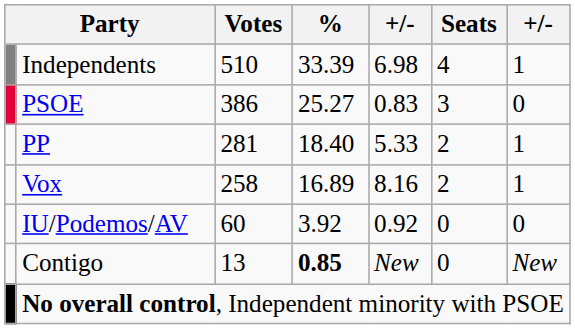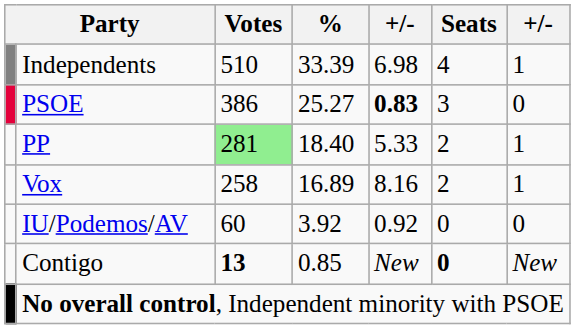 <table class="wikitable">
 <tr>
 <th colspan="2">Party</th>
 <th>Votes</th>
 <th>%</th>
 <th>+/-</th>
 <th>Seats</th>
 <th>+/-</th>
 </tr>
 <tr>
 <td bgcolor="grey"></td>
 <td>Independents</td>
 <td>510</td>
 <td>33.39</td>
 <td> 6.98</td>
 <td>4</td>
 <td> 1</td>
 </tr>
 <tr>
 <td bgcolor="#E4003B"></td>
 <td><a href='#'>PSOE</a></td>
 <td>386</td>
 <td>25.27</td>
-<td> 0.83</td>
+<td><strong> 0.83</strong></td>
 <td>3</td>
 <td> 0</td>
 </tr>
 <tr>
 <td></td>
 <td><a href='#'>PP</a></td>
-<td>281</td>
+<td style="background: lightgreen;">281</td>
 <td>18.40</td>
 <td> 5.33</td>
 <td>2</td>
 <td> 1</td>
 </tr>
 <tr>
 <td></td>
 <td><a href='#'>Vox</a></td>
 <td>258</td>
 <td>16.89</td>
 <td> 8.16</td>
 <td>2</td>
 <td> 1</td>
 </tr>
 <tr>
 <td></td>
 <td><a href='#'>IU</a>/<a href='#'>Podemos</a>/<a href='#'>AV</a></td>
 <td>60</td>
 <td>3.92</td>
 <td> 0.92</td>
 <td>0</td>
 <td> 0</td>
 </tr>
 <tr>
 <td></td>
 <td>Contigo</td>
-<td>13</td>
-<td><strong>0.85</strong></td>
+<td><strong>13</strong></td>
+<td>0.85</td>
 <td><em>New</em></td>
-<td>0</td>
+<td><strong>0</strong></td>
 <td><em>New</em></td>
 </tr>
 <tr>
 <td bgcolor="black"></td>
 <td colspan="6"><strong>No overall control</strong>, Independent minority with PSOE</td>
 </tr>
 </table>
